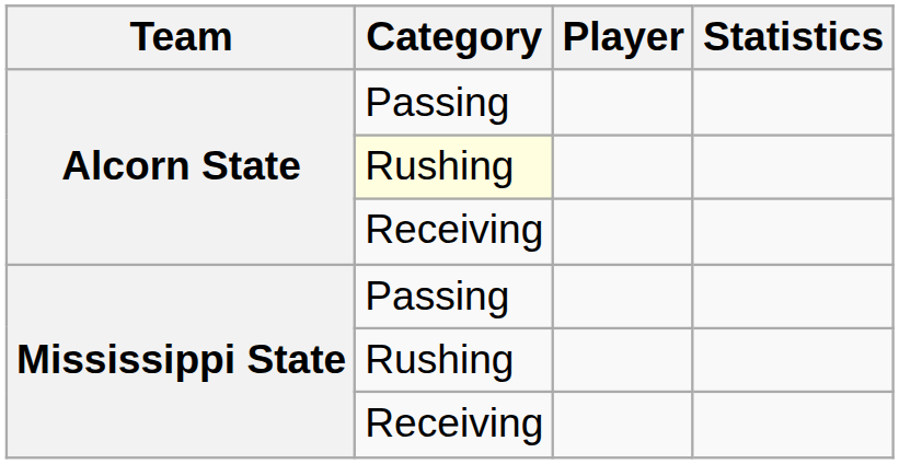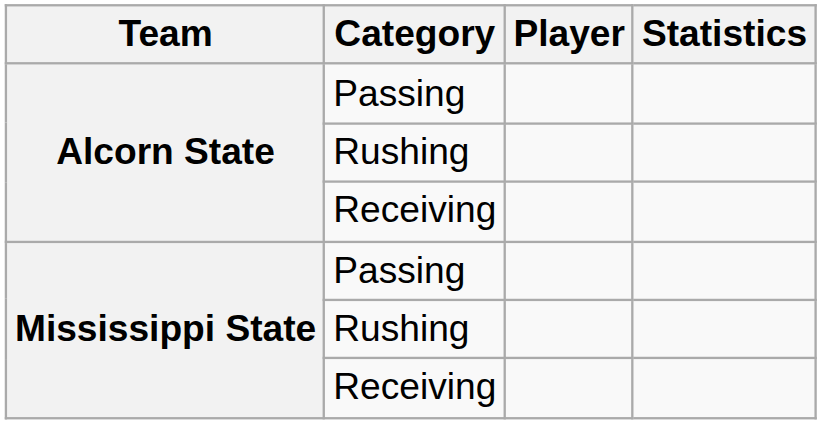 <table class="wikitable" style="float:right">
 <tr>
 <th>Team</th>
 <th>Category</th>
 <th>Player</th>
 <th>Statistics</th>
 </tr>
 <tr>
 <th rowspan=3>Alcorn State</th>
 <td>Passing</td>
 <td></td>
 <td></td>
 </tr>
 <tr>
-<td style="background: lightyellow;">Rushing</td>
+<td>Rushing</td>
 <td></td>
 <td></td>
 </tr>
 <tr>
 <td>Receiving</td>
 <td></td>
 <td></td>
 </tr>
 <tr>
 <th rowspan=3>Mississippi State</th>
 <td>Passing</td>
 <td></td>
 <td></td>
 </tr>
 <tr>
 <td>Rushing</td>
 <td></td>
 <td></td>
 </tr>
 <tr>
 <td>Receiving</td>
 <td></td>
 <td></td>
 </tr>
 </table>
